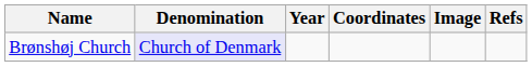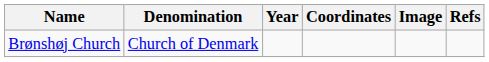 <table class="wikitable sortable">
 <tr>
 <th>Name</th>
 <th>Denomination</th>
 <th>Year</th>
 <th>Coordinates</th>
 <th>Image</th>
 <th>Refs</th>
 </tr>
 <tr>
 <td><a href='#'>Brønshøj Church</a></td>
-<td style="background: lavender;"><a href='#'>Church of Denmark</a></td>
+<td><a href='#'>Church of Denmark</a></td>
 <td></td>
 <td></td>
 <td></td>
 <td></td>
 </tr>
 <tr>
 </tr>
 </table>
